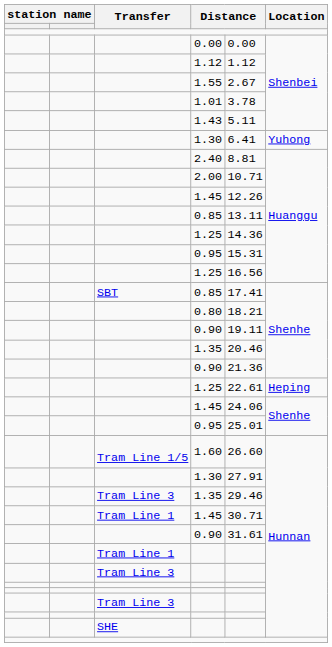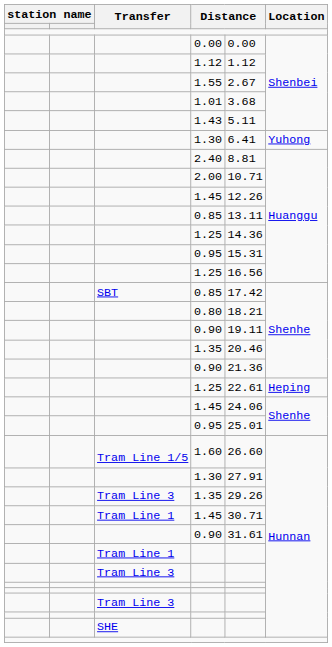 <table class="wikitable">
 <tr>
 <th colspan=2>station name</th>
 <th rowspan=2>Transfer</th>
 <th colspan="2" rowspan="2">Distance<br></th>
 <th rowspan=2>Location</th>
 </tr>
 <tr>
 <th></th>
 <th></th>
 </tr>
 <tr style="background:#">
 <td colspan = "6"></td>
 </tr>
 <tr>
 <td></td>
 <td></td>
 <td></td>
 <td>0.00</td>
 <td>0.00</td>
 <td rowspan="5"><a href='#'>Shenbei</a></td>
 </tr>
 <tr>
 <td></td>
 <td></td>
 <td></td>
 <td>1.12</td>
 <td>1.12</td>
 </tr>
 <tr>
 <td></td>
 <td></td>
 <td></td>
 <td>1.55</td>
 <td>2.67</td>
 </tr>
 <tr>
 <td></td>
 <td></td>
 <td></td>
 <td>1.01</td>
-<td>3.78</td>
+<td>3.68</td>
 </tr>
 <tr>
 <td></td>
 <td></td>
 <td></td>
 <td>1.43</td>
 <td>5.11</td>
 </tr>
 <tr>
 <td></td>
 <td></td>
 <td></td>
 <td>1.30</td>
 <td>6.41</td>
 <td rowspan="1"><a href='#'>Yuhong</a></td>
 </tr>
 <tr>
 <td></td>
 <td></td>
 <td></td>
 <td>2.40</td>
 <td>8.81</td>
 <td rowspan="7"><a href='#'>Huanggu</a></td>
 </tr>
 <tr>
 <td></td>
 <td></td>
 <td></td>
 <td>2.00</td>
 <td>10.71</td>
 </tr>
 <tr>
 <td></td>
 <td></td>
 <td></td>
 <td>1.45</td>
 <td>12.26</td>
 </tr>
 <tr>
 <td></td>
 <td></td>
 <td></td>
 <td>0.85</td>
 <td>13.11</td>
 </tr>
 <tr>
 <td></td>
 <td></td>
 <td></td>
 <td>1.25</td>
 <td>14.36</td>
 </tr>
 <tr>
 <td></td>
 <td></td>
 <td></td>
 <td>0.95</td>
 <td>15.31</td>
 </tr>
 <tr>
 <td></td>
 <td></td>
 <td></td>
 <td>1.25</td>
 <td>16.56</td>
 </tr>
 <tr>
 <td></td>
 <td></td>
 <td>  <a href='#'>SBT</a></td>
 <td>0.85</td>
-<td>17.41</td>
+<td>17.42</td>
 <td rowspan="5"><a href='#'>Shenhe</a></td>
 </tr>
 <tr>
 <td></td>
 <td></td>
 <td></td>
 <td>0.80</td>
 <td>18.21</td>
 </tr>
 <tr>
 <td></td>
 <td></td>
 <td></td>
 <td>0.90</td>
 <td>19.11</td>
 </tr>
 <tr>
 <td></td>
 <td></td>
 <td></td>
 <td>1.35</td>
 <td>20.46</td>
 </tr>
 <tr>
 <td></td>
 <td></td>
 <td></td>
 <td>0.90</td>
 <td>21.36</td>
 </tr>
 <tr>
 <td></td>
 <td></td>
 <td></td>
 <td>1.25</td>
 <td>22.61</td>
 <td><a href='#'>Heping</a></td>
 </tr>
 <tr>
 <td></td>
 <td></td>
 <td></td>
 <td>1.45</td>
 <td>24.06</td>
 <td rowspan="2"><a href='#'>Shenhe</a></td>
 </tr>
 <tr>
 <td></td>
 <td></td>
 <td></td>
 <td>0.95</td>
 <td>25.01</td>
 </tr>
 <tr>
 <td></td>
 <td></td>
 <td><br> <a href='#'>Tram Line 1/5</a></td>
 <td>1.60</td>
 <td>26.60</td>
 <td rowspan="12"><a href='#'>Hunnan</a></td>
 </tr>
 <tr>
 <td></td>
 <td></td>
 <td></td>
 <td>1.30</td>
 <td>27.91</td>
 </tr>
 <tr>
 <td></td>
 <td></td>
 <td> <a href='#'>Tram Line 3</a></td>
 <td>1.35</td>
-<td>29.46</td>
+<td>29.26</td>
 </tr>
 <tr>
 <td></td>
 <td></td>
 <td> <a href='#'>Tram Line 1</a></td>
 <td>1.45</td>
 <td>30.71</td>
 </tr>
 <tr>
 <td></td>
 <td></td>
 <td></td>
 <td>0.90</td>
 <td>31.61</td>
 </tr>
 <tr>
 <td></td>
 <td></td>
 <td> <a href='#'>Tram Line 1</a></td>
 <td></td>
 <td></td>
 </tr>
 <tr>
 <td></td>
 <td></td>
 <td> <a href='#'>Tram Line 3</a></td>
 <td></td>
 <td></td>
 </tr>
 <tr>
 <td></td>
 <td></td>
 <td></td>
 <td></td>
 <td></td>
 </tr>
 <tr>
 <td></td>
 <td></td>
 <td></td>
 <td></td>
 <td></td>
 </tr>
 <tr>
 <td></td>
 <td></td>
 <td> <a href='#'>Tram Line 3</a></td>
 <td></td>
 <td></td>
 </tr>
 <tr>
 <td></td>
 <td></td>
 <td></td>
 <td></td>
 <td></td>
 </tr>
 <tr>
 <td></td>
 <td></td>
 <td> <a href='#'>SHE</a></td>
 <td></td>
 <td></td>
 </tr>
 <tr style="background:#">
 <td colspan = "6"></td>
 </tr>
 </table>
